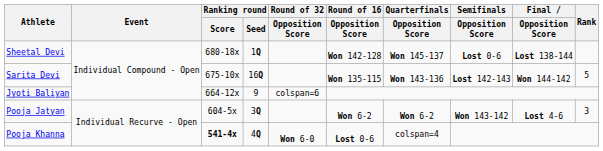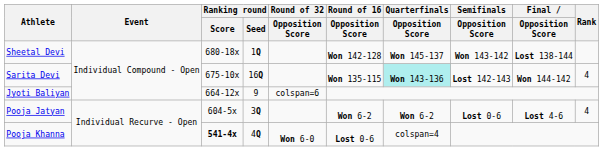 <table class="wikitable" style="text-align:center; font-size:85%">
 <tr>
 <th rowspan="2">Athlete</th>
 <th rowspan="2">Event</th>
 <th colspan="2">Ranking round</th>
 <th>Round of 32</th>
 <th>Round of 16</th>
 <th>Quarterfinals</th>
 <th>Semifinals</th>
 <th>Final / </th>
 <th rowspan="2">Rank</th>
 </tr>
 <tr>
 <th>Score</th>
 <th>Seed</th>
 <th>Opposition<br>Score</th>
 <th>Opposition<br>Score</th>
 <th>Opposition<br>Score</th>
 <th>Opposition<br>Score</th>
 <th>Opposition<br>Score</th>
 </tr>
 <tr>
 <td align=left><a href='#'>Sheetal Devi</a></td>
 <td rowspan="3">Individual Compound - Open</td>
 <td>680-18x</td>
 <td>1<strong>Q</strong></td>
 <td></td>
 <td><br><strong>Won</strong> 142-128</td>
 <td><br><strong>Won</strong> 145-137</td>
-<td><br><strong>Lost</strong> 0-6</td>
+<td><br><strong>Won</strong> 143-142</td>
 <td><br><strong>Lost</strong> 138-144</td>
 <td></td>
 </tr>
 <tr>
 <td align=left><a href='#'>Sarita Devi</a></td>
 <td>675-10x</td>
 <td>16<strong>Q</strong></td>
 <td></td>
 <td><br><strong>Won</strong> 135-115</td>
-<td><br><strong>Won</strong> 143-136</td>
+<td style="background: paleturquoise;"><br><strong>Won</strong> 143-136</td>
 <td><br><strong>Lost</strong> 142-143</td>
 <td><br><strong>Won</strong> 144-142</td>
-<td>5</td>
+<td>4</td>
 </tr>
 <tr>
 <td align=left><a href='#'>Jyoti Baliyan</a></td>
 <td>664-12x</td>
 <td>9</td>
 <td>colspan=6 </td>
 </tr>
 <tr>
 <td align=left><a href='#'>Pooja Jatyan</a></td>
 <td rowspan="2">Individual Recurve - Open</td>
 <td>604-5x</td>
 <td>3<strong>Q</strong></td>
 <td></td>
 <td><br><strong>Won</strong> 6-2</td>
 <td><br><strong>Won</strong> 6-2</td>
-<td><br><strong>Won</strong> 143-142</td>
+<td><br><strong>Lost</strong> 0-6</td>
 <td><br><strong>Lost</strong> 4-6</td>
-<td>3</td>
+<td>4</td>
 </tr>
 <tr>
 <td align=left><a href='#'>Pooja Khanna</a></td>
 <td><strong>541-4x</strong></td>
 <td>4<strong>Q</strong></td>
 <td><br><strong>Won</strong> 6-0</td>
 <td><br><strong>Lost</strong> 0-6</td>
 <td>colspan=4 </td>
 </tr>
 </table>
